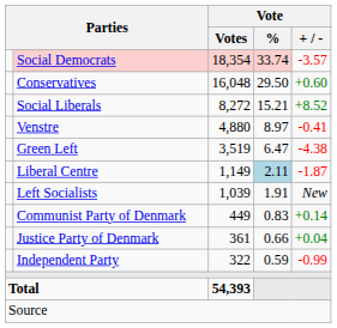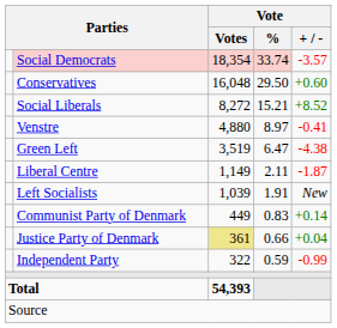 <table class="wikitable" style="text-align:right;">
 <tr>
 <th style="text-align:centre;" rowspan="2" colspan="2" width="225">Parties</th>
 <th colspan="3">Vote</th>
 </tr>
 <tr>
 <th width="15">Votes</th>
 <th width="15">%</th>
 <th width="15">+ / -</th>
 </tr>
 <tr>
 <td width="2" style="color:inherit;background:"></td>
 <td bgcolor=#fbd0ce  align="left"><a href='#'>Social Democrats</a></td>
 <td bgcolor=#fbd0ce>18,354</td>
 <td bgcolor=#fbd0ce>33.74</td>
 <td style=color:red;>-3.57</td>
 </tr>
 <tr>
 <td width="2" style="color:inherit;background:"></td>
 <td align="left"><a href='#'>Conservatives</a></td>
 <td>16,048</td>
 <td>29.50</td>
 <td style=color:green;>+0.60</td>
 </tr>
 <tr>
 <td width="2" style="color:inherit;background:"></td>
 <td align="left"><a href='#'>Social Liberals</a></td>
 <td>8,272</td>
 <td>15.21</td>
 <td style=color:green;>+8.52</td>
 </tr>
 <tr>
 <td width="2" style="color:inherit;background:"></td>
 <td align="left"><a href='#'>Venstre</a></td>
 <td>4,880</td>
 <td>8.97</td>
 <td style=color:red;>-0.41</td>
 </tr>
 <tr>
 <td width="2" style="color:inherit;background:"></td>
 <td align="left"><a href='#'>Green Left</a></td>
 <td>3,519</td>
 <td>6.47</td>
 <td style=color:red;>-4.38</td>
 </tr>
 <tr>
 <td width="2" style="color:inherit;background:"></td>
 <td align="left"><a href='#'>Liberal Centre</a></td>
 <td>1,149</td>
-<td style="background: lightblue;">2.11</td>
+<td>2.11</td>
 <td style=color:red;>-1.87</td>
 </tr>
 <tr>
 <td width="2" style="color:inherit;background:"></td>
 <td align="left"><a href='#'>Left Socialists</a></td>
 <td>1,039</td>
 <td>1.91</td>
 <td><em>New</em></td>
 </tr>
 <tr>
 <td width="2" style="color:inherit;background:"></td>
 <td align="left"><a href='#'>Communist Party of Denmark</a></td>
 <td>449</td>
 <td>0.83</td>
 <td style=color:green;>+0.14</td>
 </tr>
 <tr>
 <td width="2" style="color:inherit;background:"></td>
 <td align="left"><a href='#'>Justice Party of Denmark</a></td>
-<td>361</td>
+<td style="background: khaki;">361</td>
 <td>0.66</td>
 <td style=color:green;>+0.04</td>
 </tr>
 <tr>
 <td width="2" style="color:inherit;background:"></td>
 <td align="left"><a href='#'>Independent Party</a></td>
 <td>322</td>
 <td>0.59</td>
 <td style=color:red;>-0.99</td>
 </tr>
 <tr>
 <td colspan="7" bgcolor="#E9E9E9"></td>
 </tr>
 <tr>
 <td align="left" colspan="2"><strong>Total</strong></td>
 <td><strong>54,393</strong></td>
 <td bgcolor="#E9E9E9" colspan="2"></td>
 </tr>
 <tr>
 <td align="left" colspan="6">Source</td>
 </tr>
 </table>
